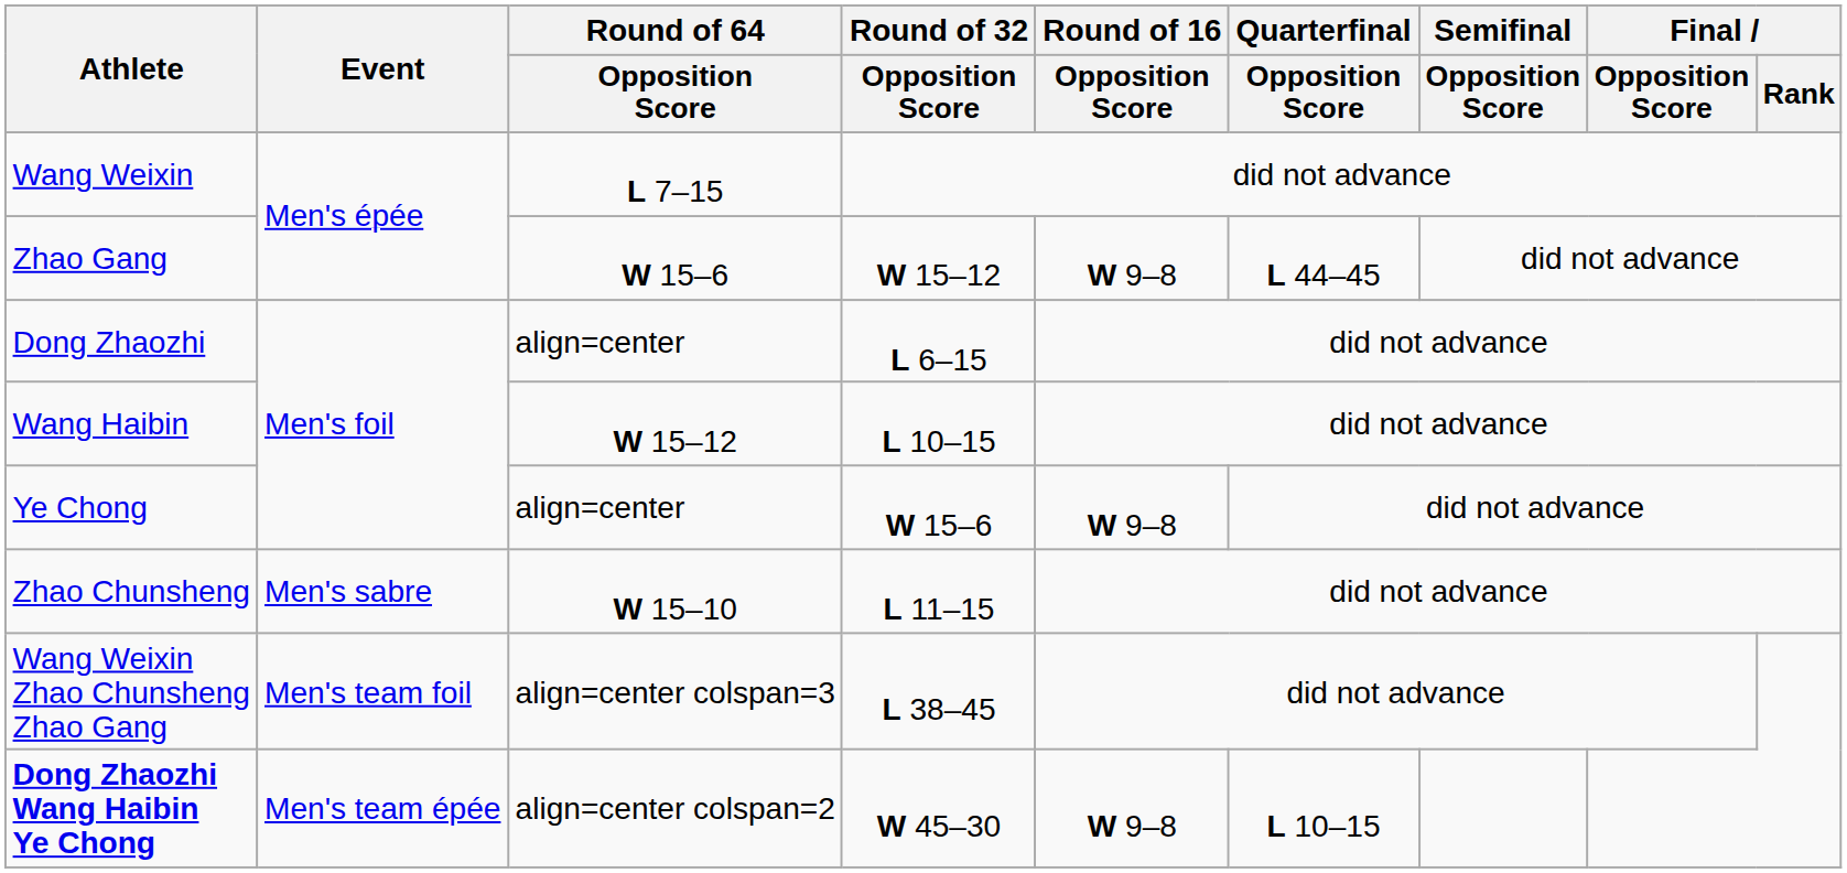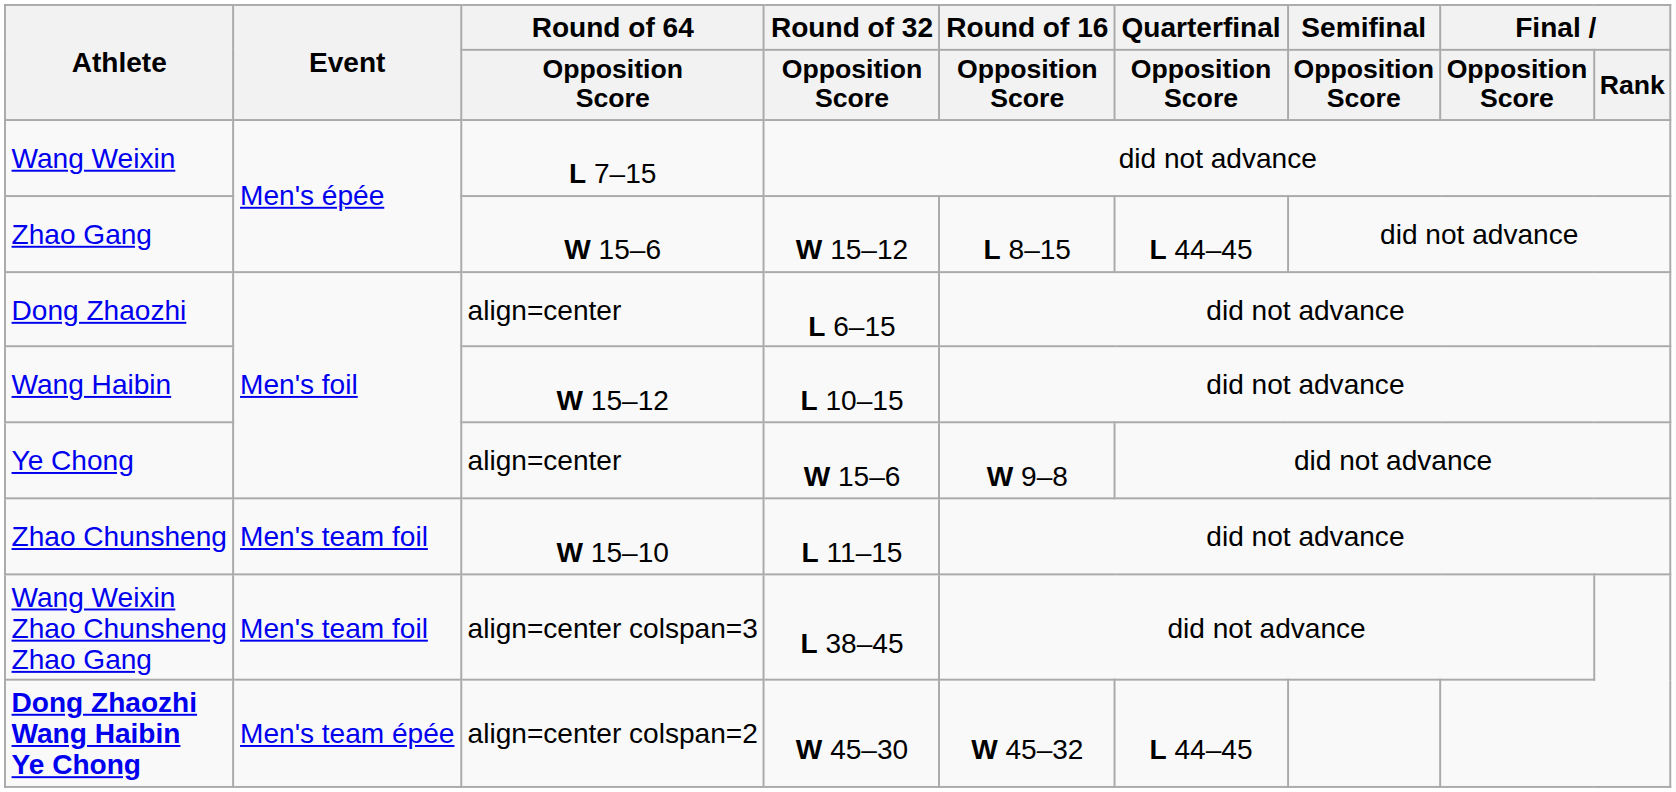 <table class="wikitable" style="font-size:90%">
 <tr>
 <th rowspan="2">Athlete</th>
 <th rowspan="2">Event</th>
 <th>Round of 64</th>
 <th>Round of 32</th>
 <th>Round of 16</th>
 <th>Quarterfinal</th>
 <th>Semifinal</th>
 <th colspan=2>Final / </th>
 </tr>
 <tr style="font-size:95%">
 <th>Opposition <br> Score</th>
 <th>Opposition <br> Score</th>
 <th>Opposition <br> Score</th>
 <th>Opposition <br> Score</th>
 <th>Opposition <br> Score</th>
 <th>Opposition <br> Score</th>
 <th>Rank</th>
 </tr>
 <tr>
 <td align=left><a href='#'>Wang Weixin</a></td>
 <td align=left rowspan=2><a href='#'>Men's épée</a></td>
 <td align=center><br><strong>L</strong> 7–15</td>
 <td align=center colspan=6>did not advance</td>
 </tr>
 <tr>
 <td align=left><a href='#'>Zhao Gang</a></td>
 <td align=center><br><strong>W</strong> 15–6</td>
 <td align=center><br><strong>W</strong> 15–12</td>
-<td align=center><br><strong>W</strong> 9–8</td>
+<td align=center><br><strong>L</strong> 8–15</td>
 <td align=center><br><strong>L</strong> 44–45</td>
 <td align=center colspan=3>did not advance</td>
 </tr>
 <tr>
 <td align=left><a href='#'>Dong Zhaozhi</a></td>
 <td align=left rowspan=3><a href='#'>Men's foil</a></td>
 <td>align=center </td>
 <td align=center><br><strong>L</strong> 6–15</td>
 <td align=center colspan=5>did not advance</td>
 </tr>
 <tr>
 <td align=left><a href='#'>Wang Haibin</a></td>
 <td align=center><br><strong>W</strong> 15–12</td>
 <td align=center><br><strong>L</strong> 10–15</td>
 <td align=center colspan=5>did not advance</td>
 </tr>
 <tr>
 <td align=left><a href='#'>Ye Chong</a></td>
 <td>align=center </td>
 <td align=center><br><strong>W</strong> 15–6</td>
 <td align=center><br><strong>W</strong> 9–8</td>
 <td align=center colspan=4>did not advance</td>
 </tr>
 <tr>
 <td align=left><a href='#'>Zhao Chunsheng</a></td>
-<td align=left><a href='#'>Men's sabre</a></td>
+<td align=left><a href='#'>Men's team foil</a></td>
 <td align=center><br><strong>W</strong> 15–10</td>
 <td align=center><br><strong>L</strong> 11–15</td>
 <td align=center colspan=5>did not advance</td>
 </tr>
 <tr>
 <td align=left><a href='#'>Wang Weixin</a><br> <a href='#'>Zhao Chunsheng</a><br> <a href='#'>Zhao Gang</a></td>
 <td align=left><a href='#'>Men's team foil</a></td>
 <td>align=center colspan=3 </td>
 <td align=center><br><strong>L</strong> 38–45</td>
 <td align=center colspan=4>did not advance</td>
 </tr>
 <tr>
 <td align=left><strong><a href='#'>Dong Zhaozhi</a></strong><br><strong><a href='#'>Wang Haibin</a></strong><br><strong><a href='#'>Ye Chong</a></strong></td>
 <td align=left><a href='#'>Men's team épée</a></td>
 <td>align=center colspan=2 </td>
 <td align=center><br><strong>W</strong> 45–30</td>
-<td align=center><br><strong>W</strong> 9–8</td>
-<td align=center><br><strong>L</strong> 10–15</td>
+<td align=center><br><strong>W</strong> 45–32</td>
+<td align=center><br><strong>L</strong> 44–45</td>
 <td align=center></td>
 </tr>
 </table>
